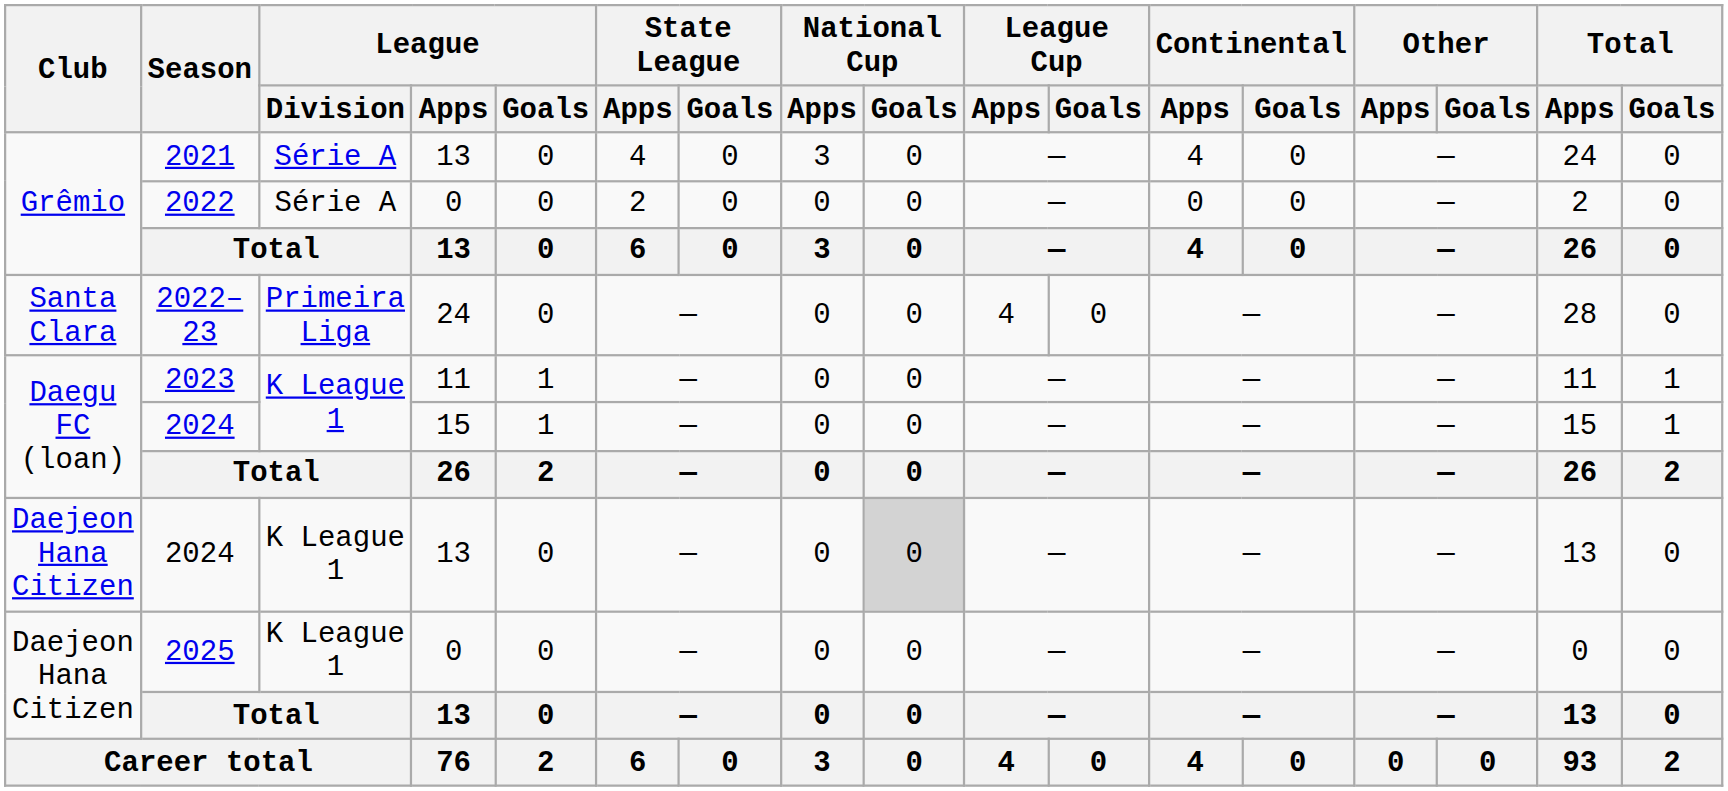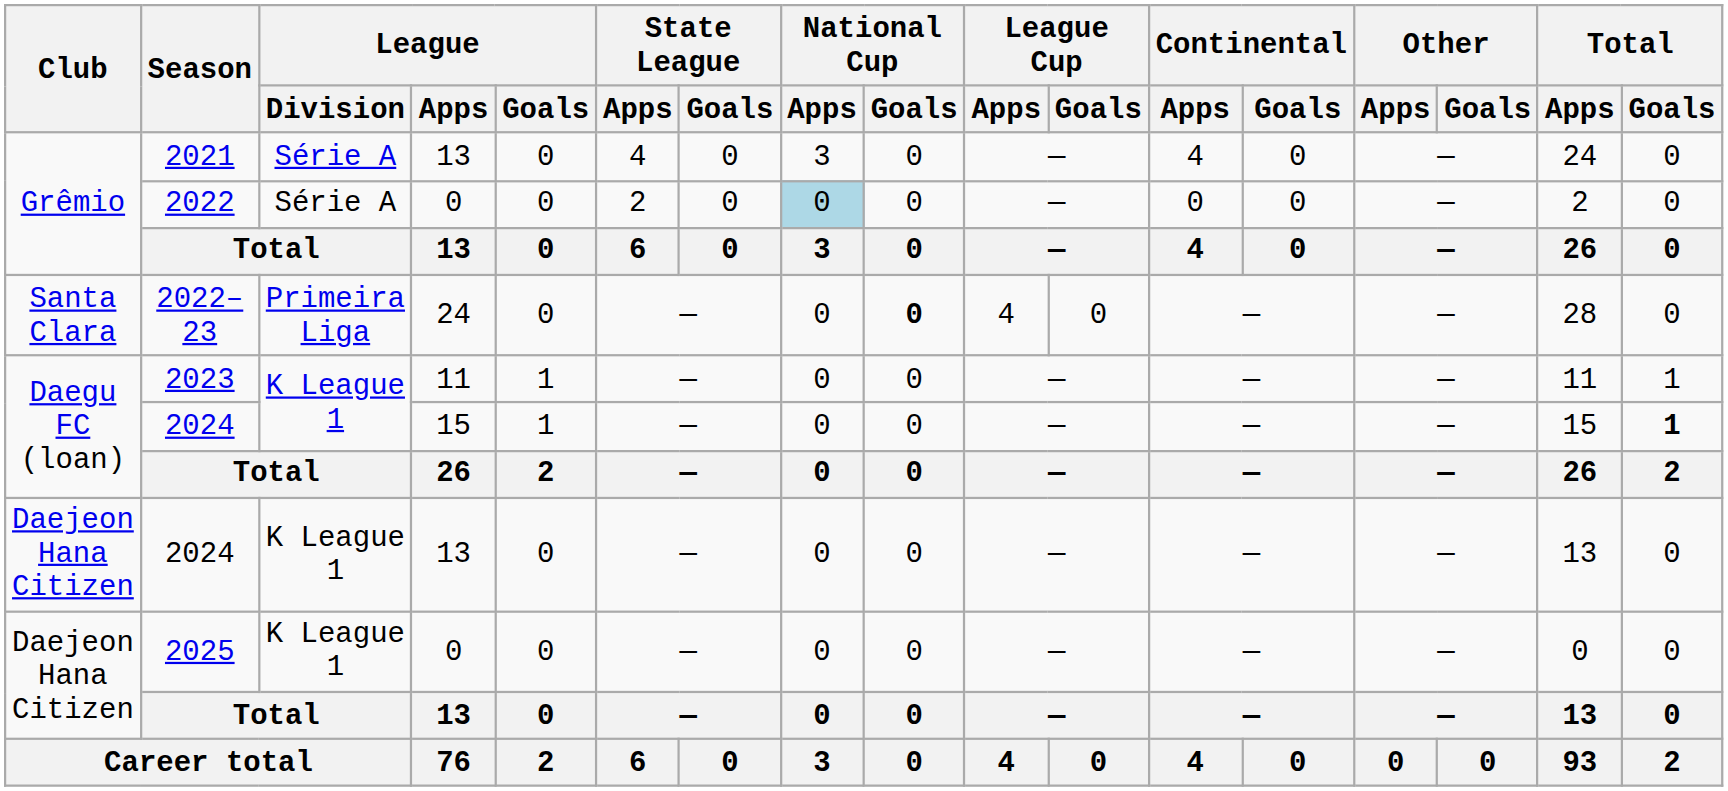 <table class="wikitable" style="text-align: center">
 <tr>
 <th rowspan="2">Club</th>
 <th rowspan="2">Season</th>
 <th colspan="3">League</th>
 <th colspan="2">State League</th>
 <th colspan="2">National Cup</th>
 <th colspan="2">League Cup</th>
 <th colspan="2">Continental</th>
 <th colspan="2">Other</th>
 <th colspan="2">Total</th>
 </tr>
 <tr>
 <th>Division</th>
 <th>Apps</th>
 <th>Goals</th>
 <th>Apps</th>
 <th>Goals</th>
 <th>Apps</th>
 <th>Goals</th>
 <th>Apps</th>
 <th>Goals</th>
 <th>Apps</th>
 <th>Goals</th>
 <th>Apps</th>
 <th>Goals</th>
 <th>Apps</th>
 <th>Goals</th>
 </tr>
 <tr>
 <td rowspan="3"><a href='#'>Grêmio</a></td>
 <td><a href='#'>2021</a></td>
 <td><a href='#'>Série A</a></td>
 <td>13</td>
 <td>0</td>
 <td>4</td>
 <td>0</td>
 <td>3</td>
 <td>0</td>
 <td colspan="2">—</td>
 <td>4</td>
 <td>0</td>
 <td colspan="2">—</td>
 <td>24</td>
 <td>0</td>
 </tr>
 <tr>
 <td><a href='#'>2022</a></td>
 <td>Série A</td>
 <td>0</td>
 <td>0</td>
 <td>2</td>
 <td>0</td>
-<td>0</td>
+<td style="background: lightblue;">0</td>
 <td>0</td>
 <td colspan="2">—</td>
 <td>0</td>
 <td>0</td>
 <td colspan="2">—</td>
 <td>2</td>
 <td>0</td>
 </tr>
 <tr>
 <th colspan="2">Total</th>
 <th>13</th>
 <th>0</th>
 <th>6</th>
 <th>0</th>
 <th>3</th>
 <th>0</th>
 <th colspan="2">—</th>
 <th>4</th>
 <th>0</th>
 <th colspan="2">—</th>
 <th>26</th>
 <th>0</th>
 </tr>
 <tr>
 <td><a href='#'>Santa Clara</a></td>
 <td><a href='#'>2022–23</a></td>
 <td><a href='#'>Primeira Liga</a></td>
 <td>24</td>
 <td>0</td>
 <td colspan="2">—</td>
 <td>0</td>
-<td>0</td>
+<td><strong>0</strong></td>
 <td>4</td>
 <td>0</td>
 <td colspan="2">—</td>
 <td colspan="2">—</td>
 <td>28</td>
 <td>0</td>
 </tr>
 <tr>
 <td rowspan="3"><a href='#'>Daegu FC</a> (loan)</td>
 <td><a href='#'>2023</a></td>
 <td rowspan="2"><a href='#'>K League 1</a></td>
 <td>11</td>
 <td>1</td>
 <td colspan="2">—</td>
 <td>0</td>
 <td>0</td>
 <td colspan="2">—</td>
 <td colspan="2">—</td>
 <td colspan="2">—</td>
 <td>11</td>
 <td>1</td>
 </tr>
 <tr>
 <td><a href='#'>2024</a></td>
 <td>15</td>
 <td>1</td>
 <td colspan="2">—</td>
 <td>0</td>
 <td>0</td>
 <td colspan="2">—</td>
 <td colspan="2">—</td>
 <td colspan="2">—</td>
 <td>15</td>
-<td>1</td>
+<td><strong>1</strong></td>
 </tr>
 <tr>
 <th colspan="2">Total</th>
 <th>26</th>
 <th>2</th>
 <th colspan="2">—</th>
 <th>0</th>
 <th>0</th>
 <th colspan="2">—</th>
 <th colspan="2">—</th>
 <th colspan="2">—</th>
 <th>26</th>
 <th>2</th>
 </tr>
 <tr>
 <td><a href='#'>Daejeon Hana Citizen</a></td>
 <td>2024</td>
 <td>K League 1</td>
 <td>13</td>
 <td>0</td>
 <td colspan="2">—</td>
 <td>0</td>
-<td style="background: lightgrey;">0</td>
+<td>0</td>
 <td colspan="2">—</td>
 <td colspan="2">—</td>
 <td colspan="2">—</td>
 <td>13</td>
 <td>0</td>
 </tr>
 <tr>
 <td rowspan="2">Daejeon Hana Citizen</td>
 <td><a href='#'>2025</a></td>
 <td>K League 1</td>
 <td>0</td>
 <td>0</td>
 <td colspan="2">—</td>
 <td>0</td>
 <td>0</td>
 <td colspan="2">—</td>
 <td colspan="2">—</td>
 <td colspan="2">—</td>
 <td>0</td>
 <td>0</td>
 </tr>
 <tr>
 <th colspan="2">Total</th>
 <th>13</th>
 <th>0</th>
 <th colspan="2">—</th>
 <th>0</th>
 <th>0</th>
 <th colspan="2">—</th>
 <th colspan="2">—</th>
 <th colspan="2">—</th>
 <th>13</th>
 <th>0</th>
 </tr>
 <tr>
 <th colspan="3">Career total</th>
 <th>76</th>
 <th>2</th>
 <th>6</th>
 <th>0</th>
 <th>3</th>
 <th>0</th>
 <th>4</th>
 <th>0</th>
 <th>4</th>
 <th>0</th>
 <th>0</th>
 <th>0</th>
 <th>93</th>
 <th>2</th>
 </tr>
 </table>
